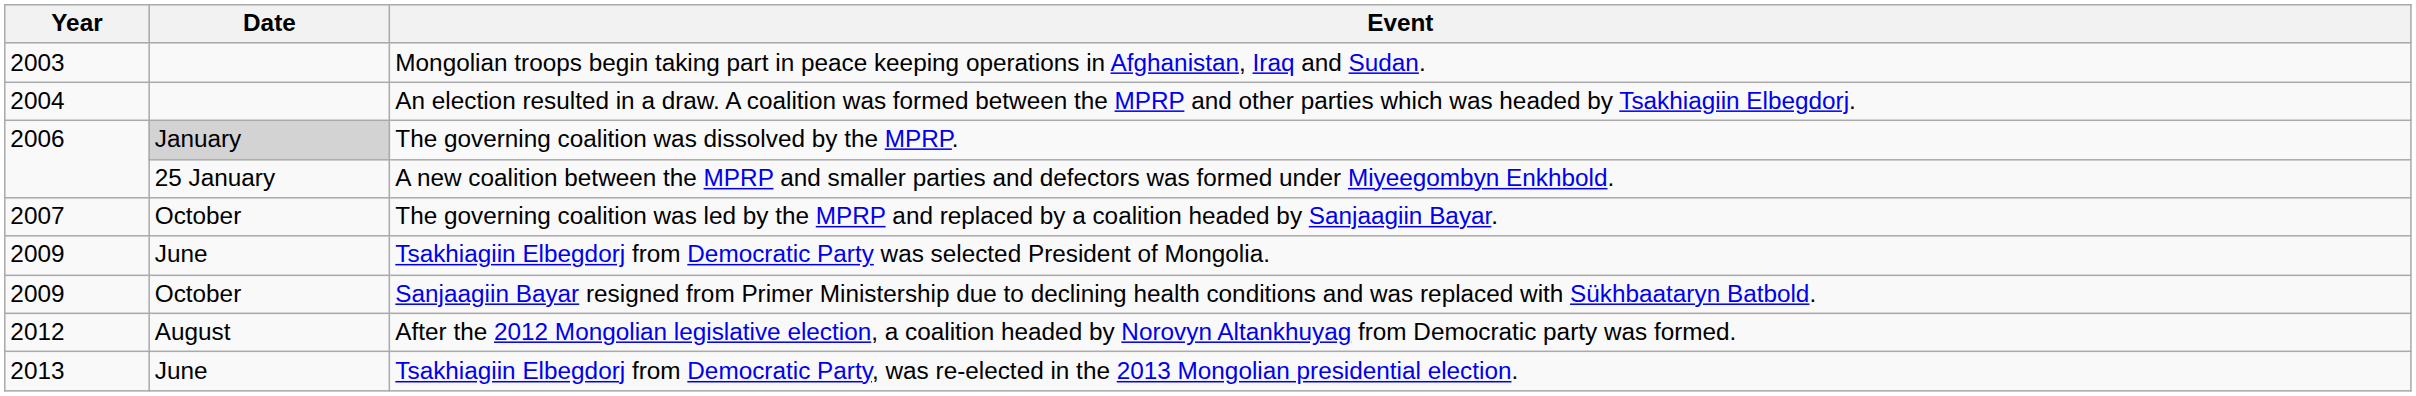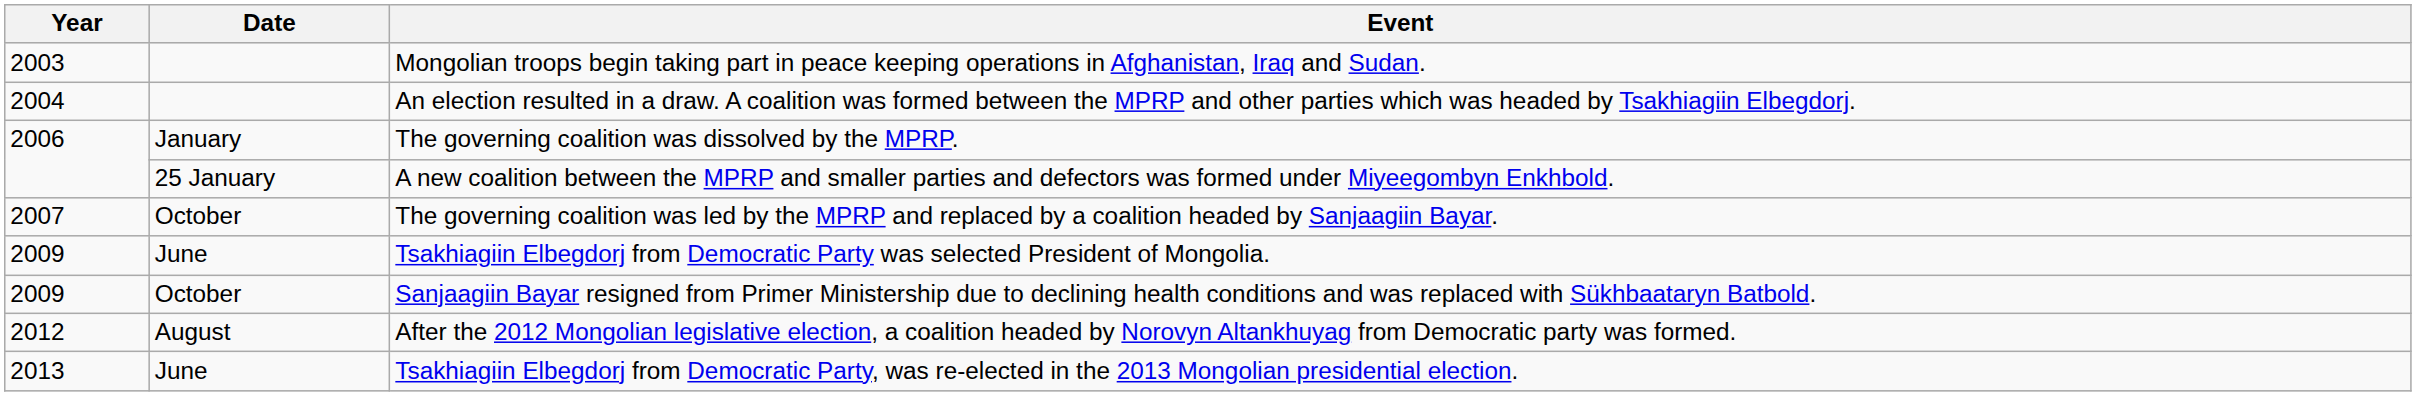 <table class="wikitable" width="100%">
 <tr>
 <th style="width:6%">Year</th>
 <th style="width:10%">Date</th>
 <th>Event</th>
 </tr>
 <tr>
 <td>2003</td>
 <td></td>
 <td>Mongolian troops begin taking part in peace keeping operations in <a href='#'>Afghanistan</a>, <a href='#'>Iraq</a> and <a href='#'>Sudan</a>.</td>
 </tr>
 <tr>
 <td>2004</td>
 <td></td>
 <td>An election resulted in a draw. A coalition was formed between the <a href='#'>MPRP</a> and other parties which was headed by <a href='#'>Tsakhiagiin Elbegdorj</a>.</td>
 </tr>
 <tr>
 <td rowspan="2" valign="top">2006</td>
-<td style="background: lightgrey;">January</td>
+<td>January</td>
 <td>The governing coalition was dissolved by the <a href='#'>MPRP</a>.</td>
 </tr>
 <tr>
 <td>25 January</td>
 <td>A new coalition between the <a href='#'>MPRP</a> and smaller parties and defectors was formed under <a href='#'>Miyeegombyn Enkhbold</a>.</td>
 </tr>
 <tr>
 <td>2007</td>
 <td>October</td>
 <td>The governing coalition was led by the <a href='#'>MPRP</a> and replaced by a coalition headed by <a href='#'>Sanjaagiin Bayar</a>.</td>
 </tr>
 <tr>
 <td>2009</td>
 <td>June</td>
 <td><a href='#'>Tsakhiagiin Elbegdorj</a> from <a href='#'>Democratic Party</a> was selected President of Mongolia.</td>
 </tr>
 <tr>
 <td>2009</td>
 <td>October</td>
 <td><a href='#'>Sanjaagiin Bayar</a> resigned from Primer Ministership due to declining health conditions and was replaced with <a href='#'>Sükhbaataryn Batbold</a>.</td>
 </tr>
 <tr>
 <td>2012</td>
 <td>August</td>
 <td>After the <a href='#'>2012 Mongolian legislative election</a>, a coalition headed by <a href='#'>Norovyn Altankhuyag</a> from Democratic party was formed.</td>
 </tr>
 <tr>
 <td>2013</td>
 <td>June</td>
 <td><a href='#'>Tsakhiagiin Elbegdorj</a> from <a href='#'>Democratic Party</a>, was re-elected in the <a href='#'>2013 Mongolian presidential election</a>.</td>
 </tr>
 </table>
